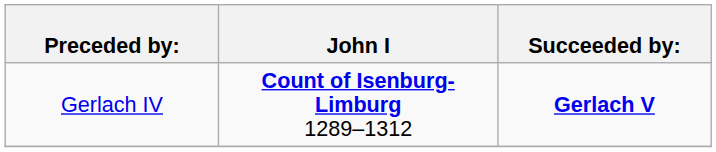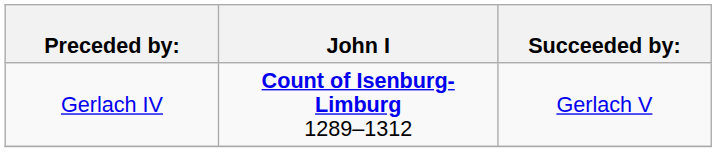 <table class="wikitable" style="margin:1em auto;">
 <tr align="center">
 <th width=150px><br>Preceded by:</th>
 <th width=200px><br>John I</th>
 <th width=150px><br>Succeeded by:</th>
 </tr>
 <tr align="center">
 <td><a href='#'>Gerlach IV</a></td>
 <td><strong><a href='#'>Count of Isenburg-Limburg</a></strong><br>1289–1312</td>
-<td><strong><a href='#'>Gerlach V</a></strong></td>
+<td><a href='#'>Gerlach V</a></td>
 </tr>
 <tr>
 </tr>
 </table>
